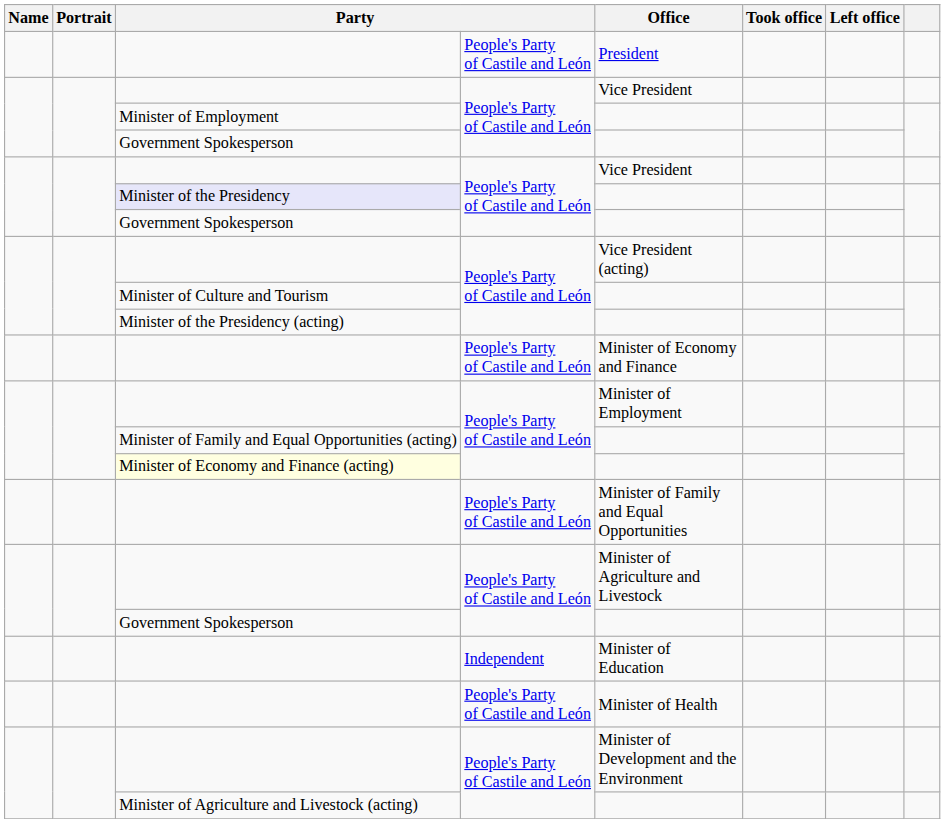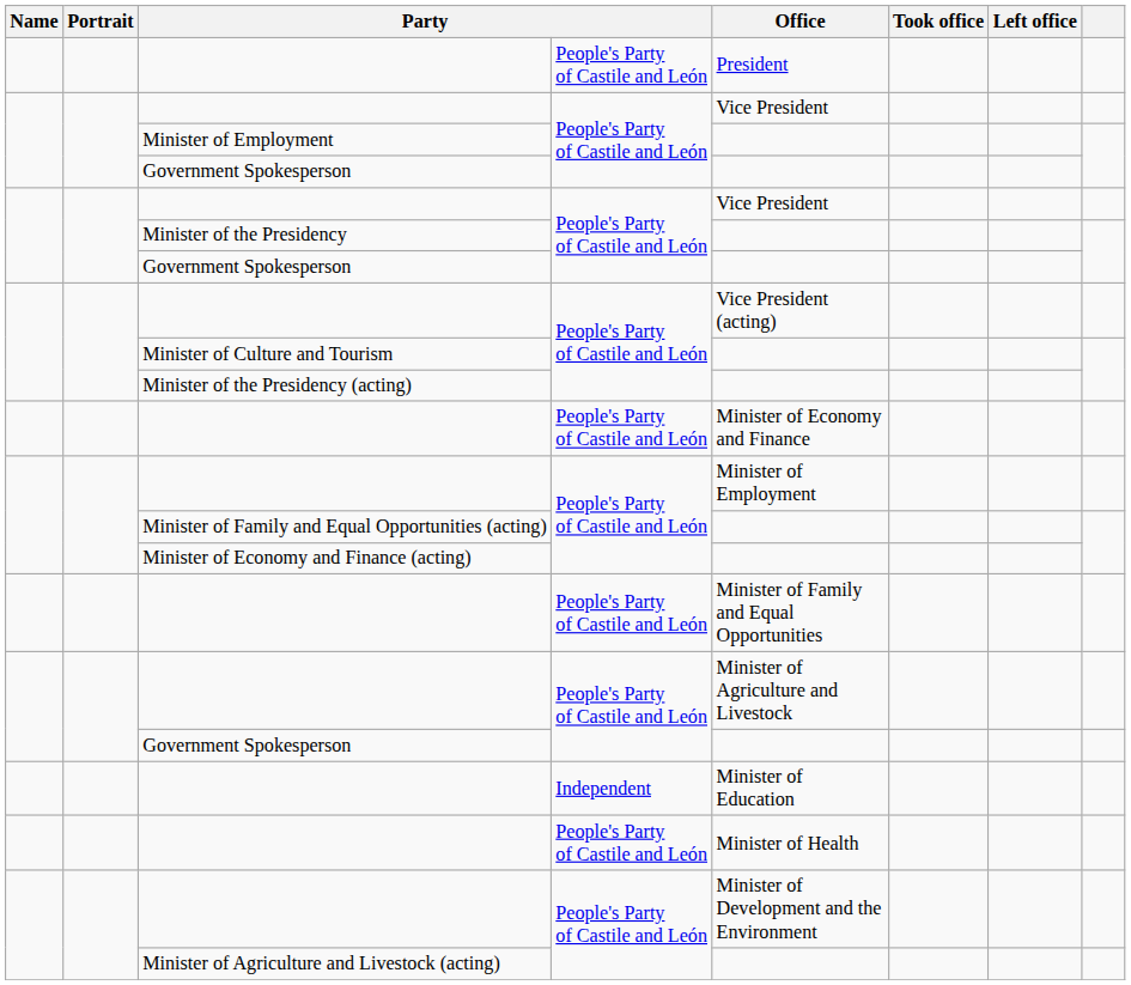 <table class="wikitable plainrowheaders sortable" style="font-size:90%; text-align:left;">
 <tr>
 <th scope=col>Name</th>
 <th scope=col class=unsortable>Portrait</th>
 <th scope=col colspan="2">Party</th>
 <th scope=col width=125px>Office</th>
 <th scope=col>Took office</th>
 <th scope=col>Left office</th>
 <th scope=col width=25px class=unsortable></th>
 </tr>
 <tr>
 <td style="white-space: nowrap;"></td>
 <td align=center></td>
 <td !align="center" style="background:"></td>
 <td><a href='#'>People's Party<br>of Castile and León</a></td>
 <td><a href='#'>President</a></td>
 <td align=center></td>
 <td align=center></td>
 <td align=center></td>
 </tr>
 <tr>
 <td style="white-space: nowrap;" rowspan=3></td>
 <td align=center rowspan=3></td>
 <td !align="center" style="background:"></td>
 <td rowspan=3><a href='#'>People's Party<br>of Castile and León</a></td>
 <td>Vice President</td>
 <td align=center></td>
 <td align=center></td>
 <td align=center></td>
 </tr>
 <tr>
 <td>Minister of Employment</td>
 <td align=center></td>
 <td align=center></td>
 <td align=center></td>
 </tr>
 <tr>
 <td>Government Spokesperson</td>
 <td align=center></td>
 <td align=center></td>
 <td align=center></td>
 </tr>
 <tr>
 <td style="white-space: nowrap;" rowspan=3></td>
 <td align=center rowspan=3></td>
 <td !align="center" style="background:"></td>
 <td rowspan=3><a href='#'>People's Party<br>of Castile and León</a></td>
 <td>Vice President</td>
 <td align=center></td>
 <td align=center></td>
 <td align=center></td>
 </tr>
 <tr>
-<td style="background: lavender;">Minister of the Presidency</td>
+<td>Minister of the Presidency</td>
 <td align=center></td>
 <td align=center></td>
 <td align=center></td>
 </tr>
 <tr>
 <td>Government Spokesperson</td>
 <td align=center></td>
 <td align=center></td>
 <td align=center></td>
 </tr>
 <tr>
 <td style="white-space: nowrap;" rowspan=3></td>
 <td align=center rowspan=3></td>
 <td !align="center" style="background:"></td>
 <td rowspan=3><a href='#'>People's Party<br>of Castile and León</a></td>
 <td>Vice President (acting)</td>
 <td align=center></td>
 <td align=center></td>
 <td align=center></td>
 </tr>
 <tr>
 <td>Minister of Culture and Tourism</td>
 <td align=center></td>
 <td align=center></td>
 <td align=center></td>
 </tr>
 <tr>
 <td>Minister of the Presidency (acting)</td>
 <td align=center></td>
 <td align=center></td>
 <td align=center></td>
 </tr>
 <tr>
 <td style="white-space: nowrap;"></td>
 <td align=center></td>
 <td !align="center" style="background:"></td>
 <td><a href='#'>People's Party<br>of Castile and León</a></td>
 <td>Minister of Economy and Finance</td>
 <td align=center></td>
 <td align=center></td>
 <td align=center></td>
 </tr>
 <tr>
 <td style="white-space: nowrap;" rowspan=3></td>
 <td align=center rowspan=3></td>
 <td !align="center" style="background:"></td>
 <td rowspan=3><a href='#'>People's Party<br>of Castile and León</a></td>
 <td>Minister of Employment</td>
 <td align=center></td>
 <td align=center></td>
 <td align=center></td>
 </tr>
 <tr>
 <td>Minister of Family and Equal Opportunities (acting)</td>
 <td align=center></td>
 <td align=center></td>
 <td align=center></td>
 </tr>
 <tr>
-<td style="background: lightyellow;">Minister of Economy and Finance (acting)</td>
+<td>Minister of Economy and Finance (acting)</td>
 <td align=center></td>
 <td align=center></td>
 <td align=center></td>
 </tr>
 <tr>
 <td style="white-space: nowrap;"></td>
 <td align=center></td>
 <td !align="center" style="background:"></td>
 <td><a href='#'>People's Party<br>of Castile and León</a></td>
 <td>Minister of Family and Equal Opportunities</td>
 <td align=center></td>
 <td align=center></td>
 <td align=center></td>
 </tr>
 <tr>
 <td style="white-space: nowrap;" rowspan=2></td>
 <td align=center rowspan=2></td>
 <td !align="center" style="background:"></td>
 <td rowspan=2><a href='#'>People's Party<br>of Castile and León</a></td>
 <td>Minister of Agriculture and Livestock</td>
 <td align=center></td>
 <td align=center></td>
 <td align=center></td>
 </tr>
 <tr>
 <td>Government Spokesperson</td>
 <td align=center></td>
 <td align=center></td>
 <td align=center></td>
 </tr>
 <tr>
 <td style="white-space: nowrap;"></td>
 <td align=center></td>
 <td !align="center" style="background:"></td>
 <td><a href='#'>Independent</a></td>
 <td>Minister of Education</td>
 <td align=center></td>
 <td align=center></td>
 <td align=center></td>
 </tr>
 <tr>
 <td style="white-space: nowrap;"></td>
 <td align=center></td>
 <td !align="center" style="background:"></td>
 <td><a href='#'>People's Party<br>of Castile and León</a></td>
 <td>Minister of Health</td>
 <td align=center></td>
 <td align=center></td>
 <td align=center></td>
 </tr>
 <tr>
 <td style="white-space: nowrap;" rowspan=2></td>
 <td align=center rowspan=2></td>
 <td !align="center" style="background:"></td>
 <td rowspan=2><a href='#'>People's Party<br>of Castile and León</a></td>
 <td>Minister of Development and the Environment</td>
 <td align=center></td>
 <td align=center></td>
 <td align=center></td>
 </tr>
 <tr>
 <td>Minister of Agriculture and Livestock (acting)</td>
 <td align=center></td>
 <td align=center></td>
 <td align=center></td>
 </tr>
 </table>
